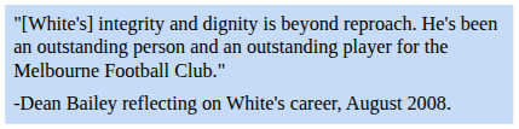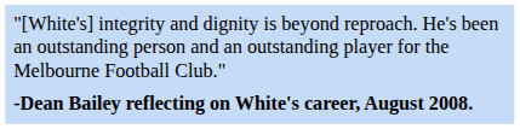 <table class="toccolours" style="float: right; margin-left: 1.5em; margin-right: 1em; font-size: 85%; background:#c6dbf7; color:black; width:30em; max-width: 40%;" cellspacing="5">
 <tr>
 <td style="text-align: left;">"[White's] integrity and dignity is beyond reproach. He's been an outstanding person and an outstanding player for the Melbourne Football Club."</td>
 </tr>
 <tr>
-<td style="text-align: left;">-Dean Bailey reflecting on White's career, August 2008.</td>
+<td style="text-align: left;"><strong>-Dean Bailey reflecting on White's career, August 2008.</strong></td>
 </tr>
 </table>
